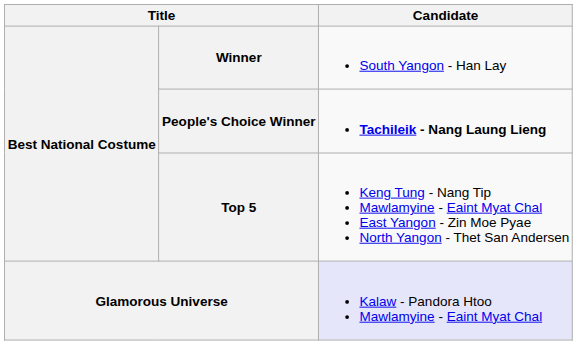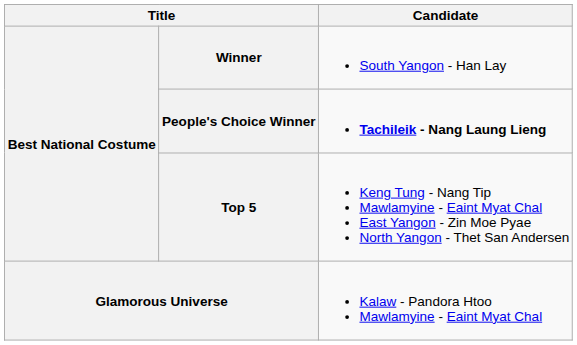 <table class="wikitable" style="font-size: 90%";>
 <tr>
 <th colspan=2>Title</th>
 <th>Candidate</th>
 </tr>
 <tr>
 <th rowspan=3>Best National Costume</th>
 <th>Winner</th>
 <td><br><ul><li> <a href='#'>South Yangon</a> - Han Lay</li></ul></td>
 </tr>
 <tr>
 <th>People's Choice Winner</th>
 <td><strong><br><ul><li> <a href='#'>Tachileik</a> - Nang Laung Lieng</li></ul></strong></td>
 </tr>
 <tr>
 <th>Top 5</th>
 <td><br><ul><li> <a href='#'>Keng Tung</a> - Nang Tip</li><li> <a href='#'>Mawlamyine</a> - <a href='#'>Eaint Myat Chal</a></li><li> <a href='#'>East Yangon</a> - Zin Moe Pyae</li><li> <a href='#'>North Yangon</a> - Thet San Andersen</li></ul></td>
 </tr>
 <tr>
 <th colspan=2>Glamorous Universe</th>
-<td style="background: lavender;"><br><ul><li> <a href='#'>Kalaw</a> - Pandora Htoo</li><li> <a href='#'>Mawlamyine</a> - <a href='#'>Eaint Myat Chal</a></li></ul></td>
+<td><br><ul><li> <a href='#'>Kalaw</a> - Pandora Htoo</li><li> <a href='#'>Mawlamyine</a> - <a href='#'>Eaint Myat Chal</a></li></ul></td>
 </tr>
 </table>
